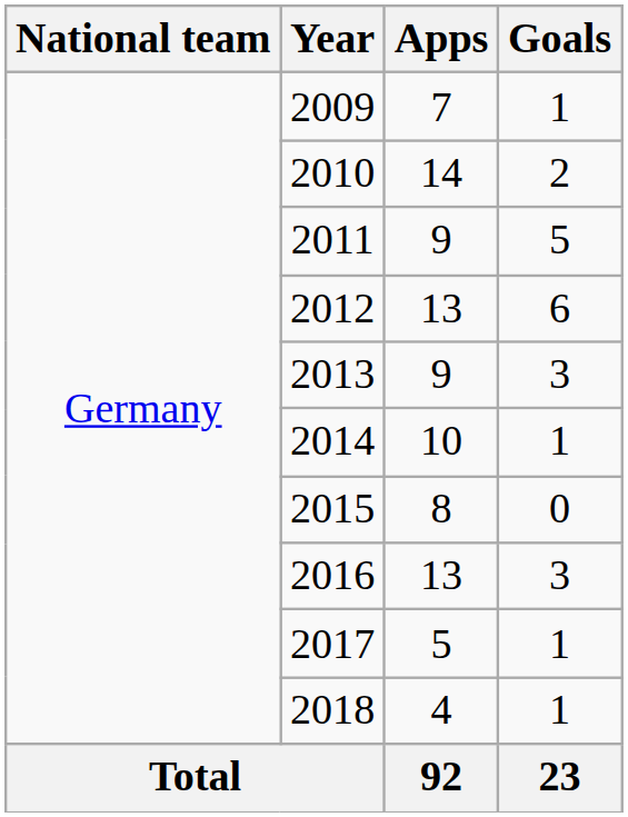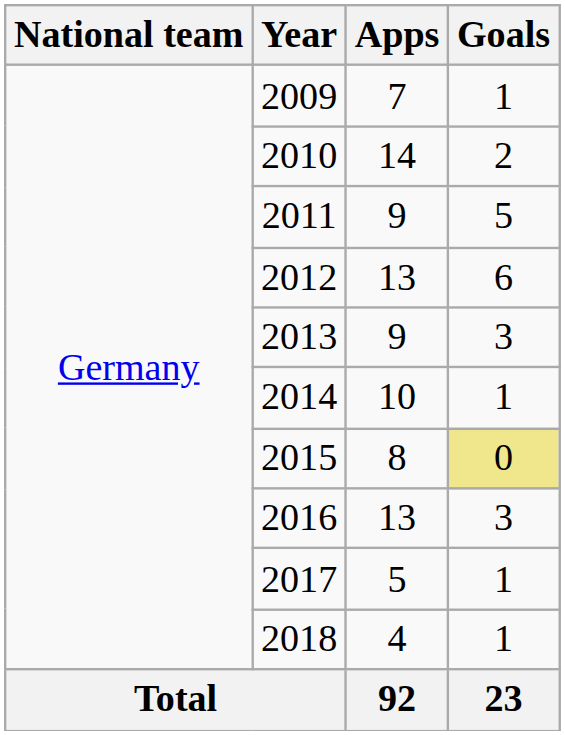 <table class="wikitable" style="text-align:center">
 <tr>
 <th>National team</th>
 <th>Year</th>
 <th>Apps</th>
 <th>Goals</th>
 </tr>
 <tr>
 <td rowspan="10"><a href='#'>Germany</a></td>
 <td>2009</td>
 <td>7</td>
 <td>1</td>
 </tr>
 <tr>
 <td>2010</td>
 <td>14</td>
 <td>2</td>
 </tr>
 <tr>
 <td>2011</td>
 <td>9</td>
 <td>5</td>
 </tr>
 <tr>
 <td>2012</td>
 <td>13</td>
 <td>6</td>
 </tr>
 <tr>
 <td>2013</td>
 <td>9</td>
 <td>3</td>
 </tr>
 <tr>
 <td>2014</td>
 <td>10</td>
 <td>1</td>
 </tr>
 <tr>
 <td>2015</td>
 <td>8</td>
-<td>0</td>
+<td style="background: khaki;">0</td>
 </tr>
 <tr>
 <td>2016</td>
 <td>13</td>
 <td>3</td>
 </tr>
 <tr>
 <td>2017</td>
 <td>5</td>
 <td>1</td>
 </tr>
 <tr>
 <td>2018</td>
 <td>4</td>
 <td>1</td>
 </tr>
 <tr>
 <th colspan="2">Total</th>
 <th>92</th>
 <th>23</th>
 </tr>
 </table>
